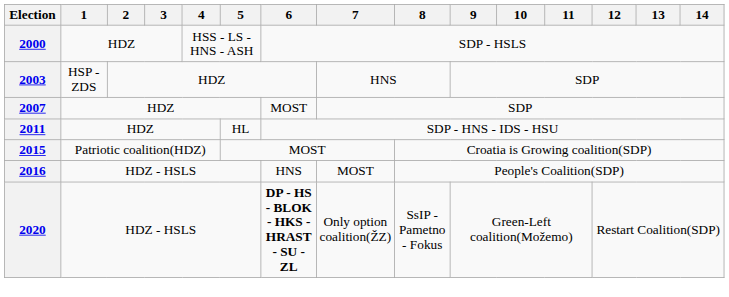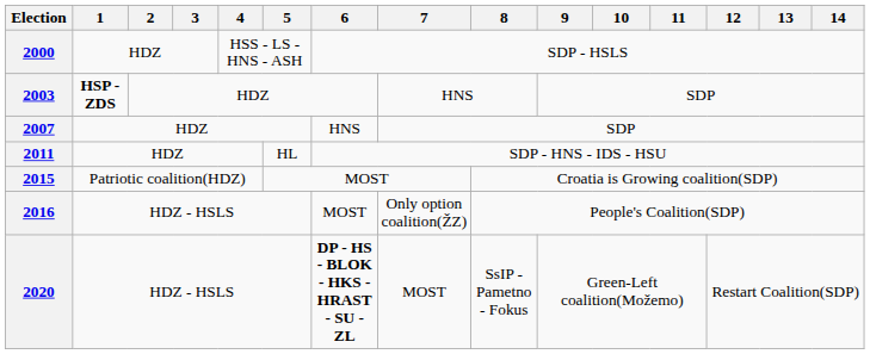 <table class=wikitable style="text-align: center;">
 <tr>
 <th style="width: 65px;">Election</th>
 <th style="width: 65px;">1</th>
 <th style="width: 65px;">2</th>
 <th style="width: 65px;">3</th>
 <th style="width: 65px;">4</th>
 <th style="width: 65px;">5</th>
 <th style="width: 65px;">6</th>
 <th style="width: 65px;">7</th>
 <th style="width: 65px;">8</th>
 <th style="width: 65px;">9</th>
 <th style="width: 65px;">10</th>
 <th style="width: 65px;">11</th>
 <th style="width: 65px;">12</th>
 <th style="width: 65px;">13</th>
 <th style="width: 65px;">14</th>
 </tr>
 <tr>
 <th><a href='#'>2000</a></th>
 <td colspan=3 style="background:">HDZ</td>
 <td colspan=2 style="background:">HSS - LS - HNS - ASH</td>
 <td colspan=9 style="background:">SDP - HSLS</td>
 </tr>
 <tr>
 <th><a href='#'>2003</a></th>
-<td style="background:">HSP - ZDS</td>
+<td style="background:"><strong>HSP - ZDS</strong></td>
 <td colspan=5 style="background:">HDZ</td>
 <td colspan=2 style="background:">HNS</td>
 <td colspan=6 style="background:">SDP</td>
 </tr>
 <tr>
 <th><a href='#'>2007</a></th>
 <td colspan=5 style="background:">HDZ</td>
-<td style="background:">MOST</td>
+<td style="background:">HNS</td>
 <td colspan=8 style="background:">SDP</td>
 </tr>
 <tr>
 <th><a href='#'>2011</a></th>
 <td colspan=4 style="background:">HDZ</td>
 <td style="background:">HL</td>
 <td colspan=9 style="background:">SDP - HNS - IDS - HSU</td>
 </tr>
 <tr>
 <th><a href='#'>2015</a></th>
 <td colspan=4 style="background:">Patriotic coalition(HDZ)</td>
 <td colspan=3 style="background:">MOST</td>
 <td colspan=7 style="background:">Croatia is Growing coalition(SDP)</td>
 </tr>
 <tr>
 <th><a href='#'>2016</a></th>
 <td colspan=5 style="background:">HDZ - HSLS</td>
-<td style="background:">HNS</td>
 <td style="background:">MOST</td>
+<td style="background:">Only option coalition(ŽZ)</td>
 <td colspan=7 style="background:">People's Coalition(SDP)</td>
 </tr>
 <tr>
 <th><a href='#'>2020</a></th>
 <td colspan=5 style="background:">HDZ - HSLS</td>
 <td style="background:"><strong>DP - HS - BLOK - HKS - HRAST - SU - ZL</strong></td>
-<td style="background:">Only option coalition(ŽZ)</td>
+<td style="background:">MOST</td>
 <td style="background:">SsIP - Pametno - Fokus</td>
 <td colspan=3 style="background:">Green-Left coalition(Možemo)</td>
 <td colspan=3 style="background:">Restart Coalition(SDP)</td>
 </tr>
 </table>
